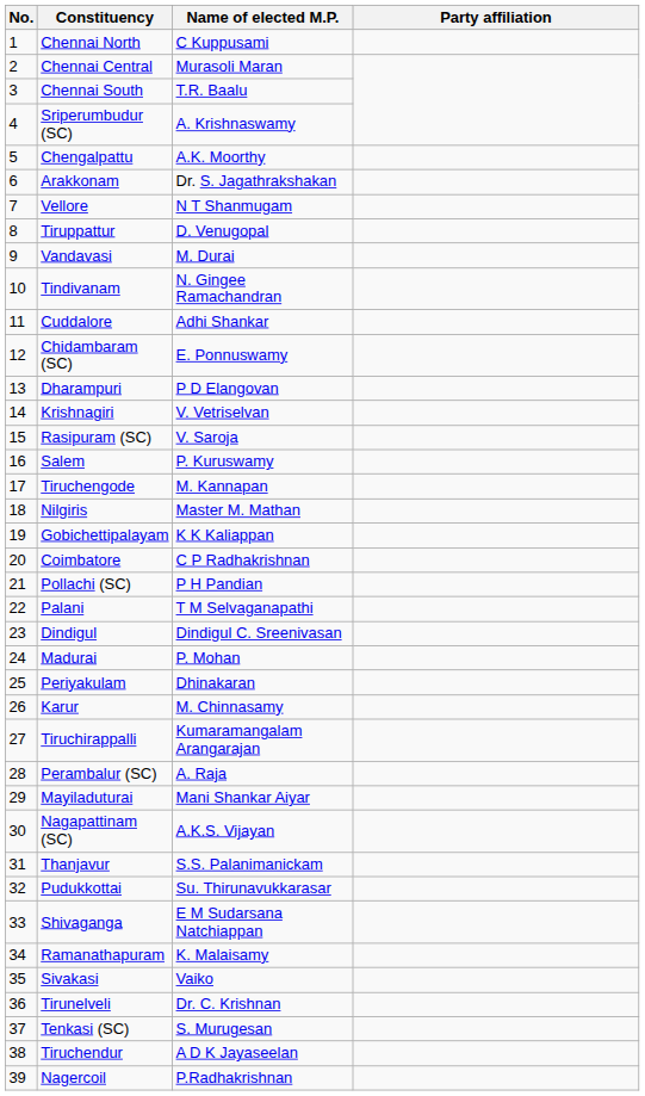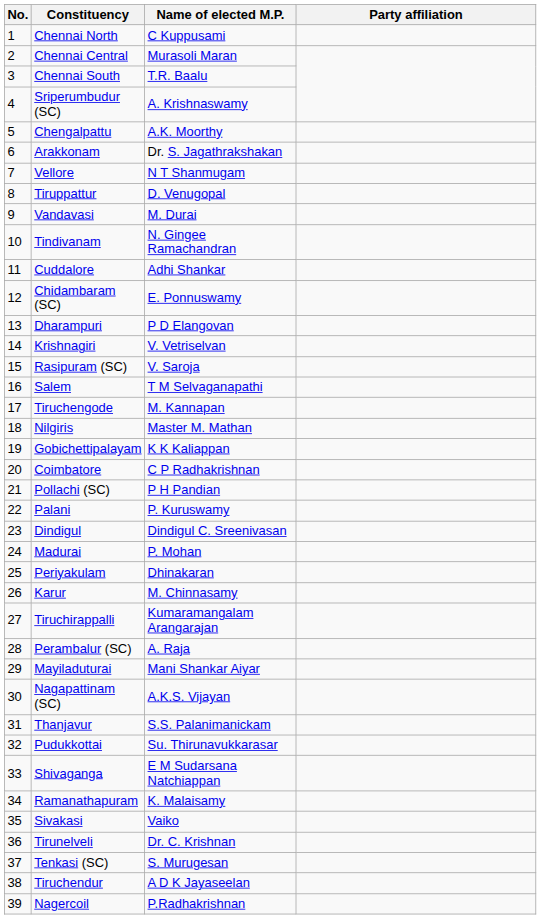 <table class="wikitable">
 <tr style="background:#ccc; text-align:center;">
 <th>No.</th>
 <th style="width:120px">Constituency</th>
 <th style="width:180px">Name of elected M.P.</th>
 <th colspan="2" style="width:18em">Party affiliation</th>
 </tr>
 <tr>
 <td>1</td>
 <td><a href='#'>Chennai North</a></td>
 <td><a href='#'>C Kuppusami</a></td>
 <td></td>
 </tr>
 <tr>
 <td>2</td>
 <td><a href='#'>Chennai Central</a></td>
 <td><a href='#'>Murasoli Maran</a></td>
 </tr>
 <tr>
 <td>3</td>
 <td><a href='#'>Chennai South</a></td>
 <td><a href='#'>T.R. Baalu</a></td>
 </tr>
 <tr>
 <td>4</td>
 <td><a href='#'>Sriperumbudur</a> (SC)</td>
 <td><a href='#'>A. Krishnaswamy</a></td>
 </tr>
 <tr>
 <td>5</td>
 <td><a href='#'>Chengalpattu</a></td>
 <td><a href='#'>A.K. Moorthy</a></td>
 <td></td>
 </tr>
 <tr>
 <td>6</td>
 <td><a href='#'>Arakkonam</a></td>
 <td>Dr. <a href='#'>S. Jagathrakshakan</a></td>
 <td></td>
 </tr>
 <tr>
 <td>7</td>
 <td><a href='#'>Vellore</a></td>
 <td><a href='#'>N T Shanmugam</a></td>
 <td></td>
 </tr>
 <tr>
 <td>8</td>
 <td><a href='#'>Tiruppattur</a></td>
 <td><a href='#'>D. Venugopal</a></td>
 <td></td>
 </tr>
 <tr>
 <td>9</td>
 <td><a href='#'>Vandavasi</a></td>
 <td><a href='#'>M. Durai</a></td>
 <td></td>
 </tr>
 <tr>
 <td>10</td>
 <td><a href='#'>Tindivanam</a></td>
 <td><a href='#'>N. Gingee Ramachandran</a></td>
 <td></td>
 </tr>
 <tr>
 <td>11</td>
 <td><a href='#'>Cuddalore</a></td>
 <td><a href='#'>Adhi Shankar</a></td>
 <td></td>
 </tr>
 <tr>
 <td>12</td>
 <td><a href='#'>Chidambaram</a> (SC)</td>
 <td><a href='#'>E. Ponnuswamy</a></td>
 <td></td>
 </tr>
 <tr>
 <td>13</td>
 <td><a href='#'>Dharampuri</a></td>
 <td><a href='#'>P D Elangovan</a></td>
 </tr>
 <tr>
 <td>14</td>
 <td><a href='#'>Krishnagiri</a></td>
 <td><a href='#'>V. Vetriselvan</a></td>
 <td></td>
 </tr>
 <tr>
 <td>15</td>
 <td><a href='#'>Rasipuram</a> (SC)</td>
 <td><a href='#'>V. Saroja</a></td>
 <td></td>
 </tr>
 <tr>
 <td>16</td>
 <td><a href='#'>Salem</a></td>
-<td><a href='#'>P. Kuruswamy</a></td>
+<td><a href='#'>T M Selvaganapathi</a></td>
 </tr>
 <tr>
 <td>17</td>
 <td><a href='#'>Tiruchengode</a></td>
 <td><a href='#'>M. Kannapan</a></td>
 <td></td>
 </tr>
 <tr>
 <td>18</td>
 <td><a href='#'>Nilgiris</a></td>
 <td><a href='#'>Master M. Mathan</a></td>
 <td></td>
 </tr>
 <tr>
 <td>19</td>
 <td><a href='#'>Gobichettipalayam</a></td>
 <td><a href='#'>K K Kaliappan</a></td>
 <td></td>
 </tr>
 <tr>
 <td>20</td>
 <td><a href='#'>Coimbatore</a></td>
 <td><a href='#'>C P Radhakrishnan</a></td>
 <td></td>
 </tr>
 <tr>
 <td>21</td>
 <td><a href='#'>Pollachi</a> (SC)</td>
 <td><a href='#'>P H Pandian</a></td>
 <td></td>
 </tr>
 <tr>
 <td>22</td>
 <td><a href='#'>Palani</a></td>
-<td><a href='#'>T M Selvaganapathi</a></td>
+<td><a href='#'>P. Kuruswamy</a></td>
 <td></td>
 </tr>
 <tr>
 <td>23</td>
 <td><a href='#'>Dindigul</a></td>
 <td><a href='#'>Dindigul C. Sreenivasan</a></td>
 </tr>
 <tr>
 <td>24</td>
 <td><a href='#'>Madurai</a></td>
 <td><a href='#'>P. Mohan</a></td>
 <td></td>
 </tr>
 <tr>
 <td>25</td>
 <td><a href='#'>Periyakulam</a></td>
 <td><a href='#'>Dhinakaran</a></td>
 <td></td>
 </tr>
 <tr>
 <td>26</td>
 <td><a href='#'>Karur</a></td>
 <td><a href='#'>M. Chinnasamy</a></td>
 </tr>
 <tr>
 <td>27</td>
 <td><a href='#'>Tiruchirappalli</a></td>
 <td><a href='#'>Kumaramangalam Arangarajan</a></td>
 <td></td>
 </tr>
 <tr>
 <td>28</td>
 <td><a href='#'>Perambalur</a> (SC)</td>
 <td><a href='#'>A. Raja</a></td>
 <td></td>
 </tr>
 <tr>
 <td>29</td>
 <td><a href='#'>Mayiladuturai</a></td>
 <td><a href='#'>Mani Shankar Aiyar</a></td>
 <td></td>
 </tr>
 <tr>
 <td>30</td>
 <td><a href='#'>Nagapattinam</a> (SC)</td>
 <td><a href='#'>A.K.S. Vijayan</a></td>
 <td></td>
 </tr>
 <tr>
 <td>31</td>
 <td><a href='#'>Thanjavur</a></td>
 <td><a href='#'>S.S. Palanimanickam</a></td>
 </tr>
 <tr>
 <td>32</td>
 <td><a href='#'>Pudukkottai</a></td>
 <td><a href='#'>Su. Thirunavukkarasar</a></td>
 <td></td>
 </tr>
 <tr>
 <td>33</td>
 <td><a href='#'>Shivaganga</a></td>
 <td><a href='#'>E M Sudarsana Natchiappan</a></td>
 <td></td>
 </tr>
 <tr>
 <td>34</td>
 <td><a href='#'>Ramanathapuram</a></td>
 <td><a href='#'>K. Malaisamy</a></td>
 <td></td>
 </tr>
 <tr>
 <td>35</td>
 <td><a href='#'>Sivakasi</a></td>
 <td><a href='#'>Vaiko</a></td>
 <td></td>
 </tr>
 <tr>
 <td>36</td>
 <td><a href='#'>Tirunelveli</a></td>
 <td><a href='#'>Dr. C. Krishnan</a></td>
 <td></td>
 </tr>
 <tr>
 <td>37</td>
 <td><a href='#'>Tenkasi</a> (SC)</td>
 <td><a href='#'>S. Murugesan</a></td>
 </tr>
 <tr>
 <td>38</td>
 <td><a href='#'>Tiruchendur</a></td>
 <td><a href='#'>A D K Jayaseelan</a></td>
 <td></td>
 </tr>
 <tr>
 <td>39</td>
 <td><a href='#'>Nagercoil</a></td>
 <td><a href='#'>P.Radhakrishnan</a></td>
 <td></td>
 </tr>
 </table>
